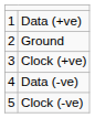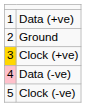 <table class="wikitable floatright">
 <tr>
 <td colspan="2"></td>
 </tr>
 <tr>
 <td>1</td>
 <td>Data (+ve)</td>
 </tr>
 <tr>
 <td>2</td>
 <td>Ground</td>
 </tr>
 <tr>
-<td>3</td>
+<td style="background: gold;">3</td>
 <td>Clock (+ve)</td>
 </tr>
 <tr>
-<td>4</td>
+<td style="background: pink;">4</td>
 <td>Data (-ve)</td>
 </tr>
 <tr>
 <td>5</td>
 <td>Clock (-ve)</td>
 </tr>
 </table>
